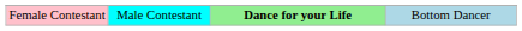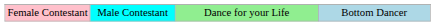 <table class="wikitable" style="margin:1em auto; text-align:center;">
 <tr>
 </tr>
 <tr>
 <td style="background:pink;" width="20%">Female Contestant</td>
 <td style="background:cyan;" width="20%">Male Contestant</td>
-<td style="background:lightgreen;"><strong>Dance for your Life</strong></td>
+<td style="background:lightgreen;">Dance for your Life</td>
 <td style="background:lightblue;">Bottom Dancer</td>
 </tr>
 </table>
